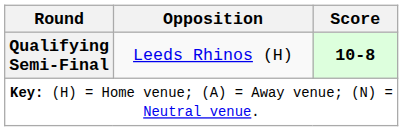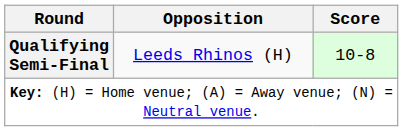 <table class="wikitable plainrowheaders" style="text-align:center;margin-left:1em;float:right">
 <tr>
 <th width="25">Round</th>
 <th width="150">Opposition</th>
 <th width="60">Score</th>
 </tr>
 <tr>
 <th scope=row style="text-align:center">Qualifying Semi-Final</th>
 <td> <a href='#'>Leeds Rhinos</a> (H)</td>
-<td bgcolor=DDFFDD><strong>10-8</strong></td>
+<td bgcolor=DDFFDD>10-8</td>
 </tr>
 <tr>
 <td colspan="3" style="background-color:white;"><small><strong>Key:</strong> (H) = Home venue; (A) = Away venue; (N) = <a href='#'>Neutral venue</a>.</small></td>
 </tr>
 </table>
